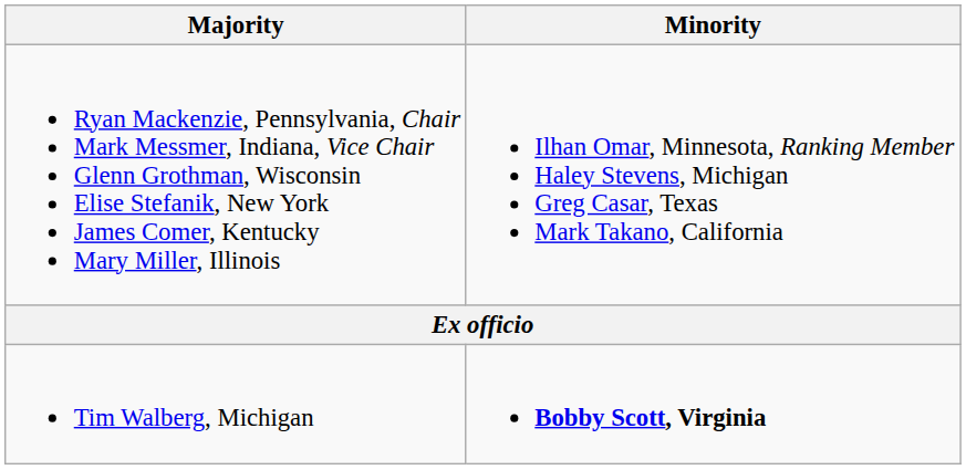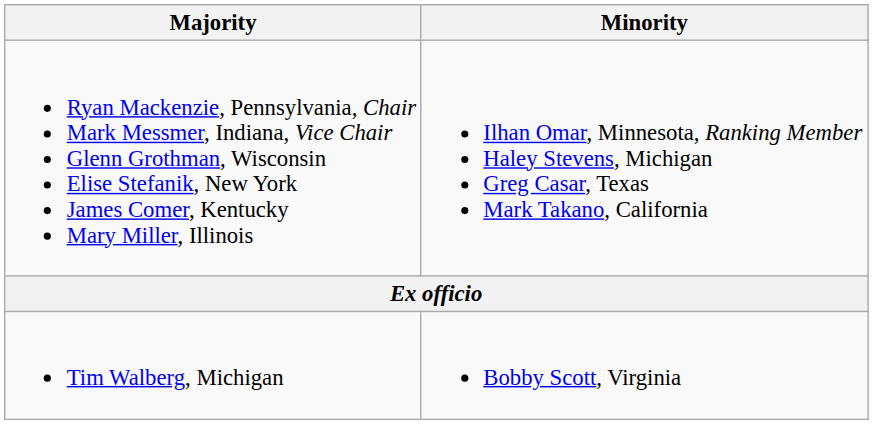 <table class=wikitable>
 <tr>
 <th>Majority</th>
 <th>Minority</th>
 </tr>
 <tr>
 <td><br><ul><li><a href='#'>Ryan Mackenzie</a>, Pennsylvania, <em>Chair</em></li><li><a href='#'>Mark Messmer</a>, Indiana, <em>Vice Chair</em></li><li><a href='#'>Glenn Grothman</a>, Wisconsin</li><li><a href='#'>Elise Stefanik</a>, New York</li><li><a href='#'>James Comer</a>, Kentucky</li><li><a href='#'>Mary Miller</a>, Illinois</li></ul></td>
 <td><br><ul><li><a href='#'>Ilhan Omar</a>, Minnesota, <em>Ranking Member</em></li><li><a href='#'>Haley Stevens</a>, Michigan</li><li><a href='#'>Greg Casar</a>, Texas</li><li><a href='#'>Mark Takano</a>, California</li></ul></td>
 </tr>
 <tr>
 <th colspan=2><em>Ex officio</em></th>
 </tr>
 <tr>
 <td><br><ul><li><a href='#'>Tim Walberg</a>, Michigan</li></ul></td>
-<td><strong><br><ul><li><a href='#'>Bobby Scott</a>, Virginia</li></ul></strong></td>
+<td><br><ul><li><a href='#'>Bobby Scott</a>, Virginia</li></ul></td>
 </tr>
 </table>
